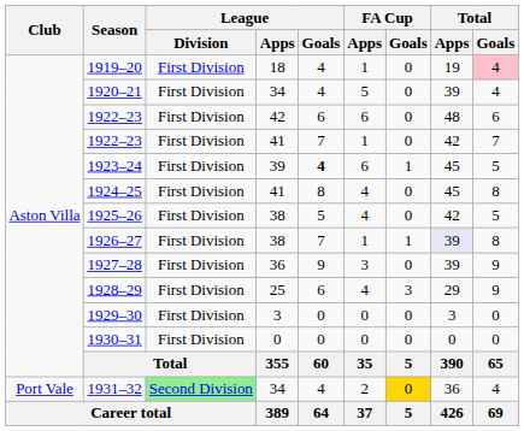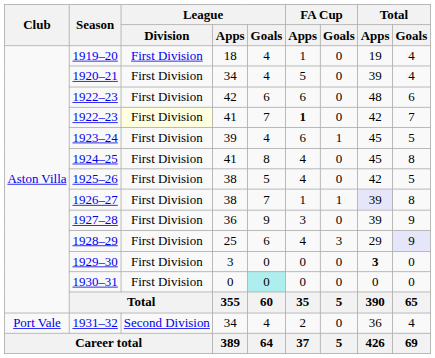 <table class="wikitable" style="text-align: center;">
 <tr>
 <th rowspan="2">Club</th>
 <th rowspan="2">Season</th>
 <th colspan="3">League</th>
 <th colspan="2">FA Cup</th>
 <th colspan="2">Total</th>
 </tr>
 <tr>
 <th>Division</th>
 <th>Apps</th>
 <th>Goals</th>
 <th>Apps</th>
 <th>Goals</th>
 <th>Apps</th>
 <th>Goals</th>
 </tr>
 <tr>
 <td rowspan="13"><a href='#'>Aston Villa</a></td>
 <td><a href='#'>1919–20</a></td>
 <td><a href='#'>First Division</a></td>
 <td>18</td>
 <td>4</td>
 <td>1</td>
 <td>0</td>
 <td>19</td>
-<td style="background: pink;">4</td>
+<td>4</td>
 </tr>
 <tr>
 <td><a href='#'>1920–21</a></td>
 <td>First Division</td>
 <td>34</td>
 <td>4</td>
 <td>5</td>
 <td>0</td>
 <td>39</td>
 <td>4</td>
 </tr>
 <tr>
 <td><a href='#'>1922–23</a></td>
 <td>First Division</td>
 <td>42</td>
 <td>6</td>
 <td>6</td>
 <td>0</td>
 <td>48</td>
 <td>6</td>
 </tr>
 <tr>
 <td><a href='#'>1922–23</a></td>
-<td>First Division</td>
+<td style="background: lightyellow;">First Division</td>
 <td>41</td>
 <td>7</td>
-<td>1</td>
+<td><strong>1</strong></td>
 <td>0</td>
 <td>42</td>
 <td>7</td>
 </tr>
 <tr>
 <td><a href='#'>1923–24</a></td>
 <td>First Division</td>
 <td>39</td>
-<td><strong>4</strong></td>
+<td>4</td>
 <td>6</td>
 <td>1</td>
 <td>45</td>
 <td>5</td>
 </tr>
 <tr>
 <td><a href='#'>1924–25</a></td>
 <td>First Division</td>
 <td>41</td>
 <td>8</td>
 <td>4</td>
 <td>0</td>
 <td>45</td>
 <td>8</td>
 </tr>
 <tr>
 <td><a href='#'>1925–26</a></td>
 <td>First Division</td>
 <td>38</td>
 <td>5</td>
 <td>4</td>
 <td>0</td>
 <td>42</td>
 <td>5</td>
 </tr>
 <tr>
 <td><a href='#'>1926–27</a></td>
 <td>First Division</td>
 <td>38</td>
 <td>7</td>
 <td>1</td>
 <td>1</td>
 <td style="background: lavender;">39</td>
 <td>8</td>
 </tr>
 <tr>
 <td><a href='#'>1927–28</a></td>
 <td>First Division</td>
 <td>36</td>
 <td>9</td>
 <td>3</td>
 <td>0</td>
 <td>39</td>
 <td>9</td>
 </tr>
 <tr>
 <td><a href='#'>1928–29</a></td>
 <td>First Division</td>
 <td>25</td>
 <td>6</td>
 <td>4</td>
 <td>3</td>
 <td>29</td>
-<td>9</td>
+<td style="background: lavender;">9</td>
 </tr>
 <tr>
 <td><a href='#'>1929–30</a></td>
 <td>First Division</td>
 <td>3</td>
 <td>0</td>
 <td>0</td>
 <td>0</td>
-<td>3</td>
+<td><strong>3</strong></td>
 <td>0</td>
 </tr>
 <tr>
 <td><a href='#'>1930–31</a></td>
 <td>First Division</td>
 <td>0</td>
-<td>0</td>
+<td style="background: paleturquoise;">0</td>
 <td>0</td>
 <td>0</td>
 <td>0</td>
 <td>0</td>
 </tr>
 <tr>
 <th colspan="2">Total</th>
 <th>355</th>
 <th>60</th>
 <th>35</th>
 <th>5</th>
 <th>390</th>
 <th>65</th>
 </tr>
 <tr>
 <td><a href='#'>Port Vale</a></td>
 <td><a href='#'>1931–32</a></td>
-<td style="background: lightgreen;"><a href='#'>Second Division</a></td>
+<td><a href='#'>Second Division</a></td>
 <td>34</td>
 <td>4</td>
 <td>2</td>
-<td style="background: gold;">0</td>
+<td>0</td>
 <td>36</td>
 <td>4</td>
 </tr>
 <tr>
 <th colspan="3">Career total</th>
 <th>389</th>
 <th>64</th>
 <th>37</th>
 <th>5</th>
 <th>426</th>
 <th>69</th>
 </tr>
 </table>
